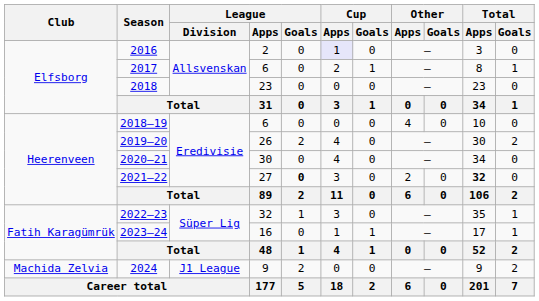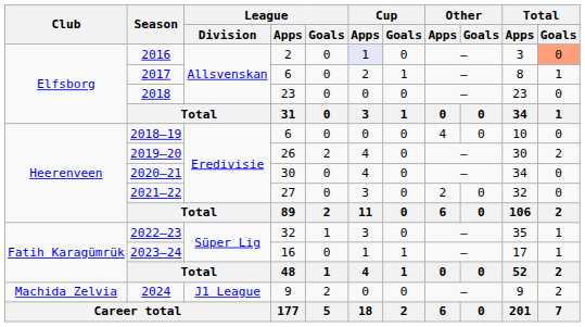 <table class="wikitable" style="text-align: center">
 <tr>
 <th rowspan="2">Club</th>
 <th rowspan="2">Season</th>
 <th colspan="3">League</th>
 <th colspan="2">Cup</th>
 <th colspan="2">Other</th>
 <th colspan="2">Total</th>
 </tr>
 <tr>
 <th>Division</th>
 <th>Apps</th>
 <th>Goals</th>
 <th>Apps</th>
 <th>Goals</th>
 <th>Apps</th>
 <th>Goals</th>
 <th>Apps</th>
 <th>Goals</th>
 </tr>
 <tr>
 <td rowspan="4"><a href='#'>Elfsborg</a></td>
 <td><a href='#'>2016</a></td>
 <td rowspan="3"><a href='#'>Allsvenskan</a></td>
 <td>2</td>
 <td>0</td>
 <td style="background: lavender;">1</td>
 <td>0</td>
 <td colspan="2">—</td>
 <td>3</td>
-<td>0</td>
+<td style="background: lightsalmon;">0</td>
 </tr>
 <tr>
 <td><a href='#'>2017</a></td>
 <td>6</td>
 <td>0</td>
 <td>2</td>
 <td>1</td>
 <td colspan="2">—</td>
 <td>8</td>
 <td>1</td>
 </tr>
 <tr>
 <td><a href='#'>2018</a></td>
 <td>23</td>
 <td>0</td>
 <td>0</td>
 <td>0</td>
 <td colspan="2">—</td>
 <td>23</td>
 <td>0</td>
 </tr>
 <tr>
 <th colspan="2">Total</th>
 <th>31</th>
 <th>0</th>
 <th>3</th>
 <th>1</th>
 <th>0</th>
 <th>0</th>
 <th>34</th>
 <th>1</th>
 </tr>
 <tr>
 <td rowspan="5"><a href='#'>Heerenveen</a></td>
 <td><a href='#'>2018–19</a></td>
 <td rowspan="4"><a href='#'>Eredivisie</a></td>
 <td>6</td>
 <td>0</td>
 <td>0</td>
 <td>0</td>
 <td>4</td>
 <td>0</td>
 <td>10</td>
 <td>0</td>
 </tr>
 <tr>
 <td><a href='#'>2019–20</a></td>
 <td>26</td>
 <td>2</td>
 <td>4</td>
 <td>0</td>
 <td colspan="2">—</td>
 <td>30</td>
 <td>2</td>
 </tr>
 <tr>
 <td><a href='#'>2020–21</a></td>
 <td>30</td>
 <td>0</td>
 <td>4</td>
 <td>0</td>
 <td colspan="2">—</td>
 <td>34</td>
 <td>0</td>
 </tr>
 <tr>
 <td><a href='#'>2021–22</a></td>
 <td>27</td>
-<td><strong>0</strong></td>
+<td>0</td>
 <td>3</td>
 <td>0</td>
 <td>2</td>
 <td>0</td>
-<td><strong>32</strong></td>
+<td>32</td>
 <td>0</td>
 </tr>
 <tr>
 <th colspan="2">Total</th>
 <th>89</th>
 <th>2</th>
 <th>11</th>
 <th>0</th>
 <th>6</th>
 <th>0</th>
 <th>106</th>
 <th>2</th>
 </tr>
 <tr>
 <td rowspan="3"><a href='#'>Fatih Karagümrük</a></td>
 <td><a href='#'>2022–23</a></td>
 <td rowspan="2"><a href='#'>Süper Lig</a></td>
 <td>32</td>
 <td>1</td>
 <td>3</td>
 <td>0</td>
 <td colspan="2">—</td>
 <td>35</td>
 <td>1</td>
 </tr>
 <tr>
 <td><a href='#'>2023–24</a></td>
 <td>16</td>
 <td>0</td>
 <td>1</td>
 <td>1</td>
 <td colspan="2">—</td>
 <td>17</td>
 <td>1</td>
 </tr>
 <tr>
 <th colspan="2">Total</th>
 <th>48</th>
 <th>1</th>
 <th>4</th>
 <th>1</th>
 <th>0</th>
 <th>0</th>
 <th>52</th>
 <th>2</th>
 </tr>
 <tr>
 <td><a href='#'>Machida Zelvia</a></td>
 <td><a href='#'>2024</a></td>
 <td><a href='#'>J1 League</a></td>
 <td 0>9</td>
 <td>2</td>
 <td>0</td>
 <td>0</td>
 <td colspan="2">—</td>
 <td>9</td>
 <td>2</td>
 </tr>
 <tr>
 <th colspan="3">Career total</th>
 <th>177</th>
 <th>5</th>
 <th>18</th>
 <th>2</th>
 <th>6</th>
 <th>0</th>
 <th>201</th>
 <th>7</th>
 </tr>
 </table>
